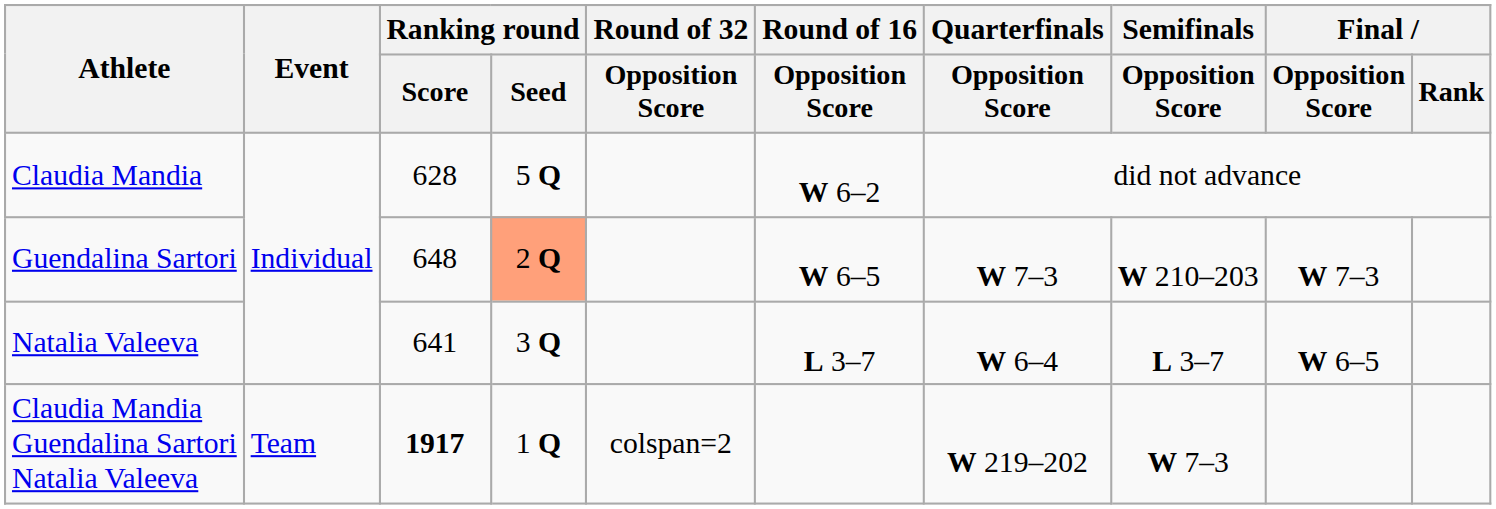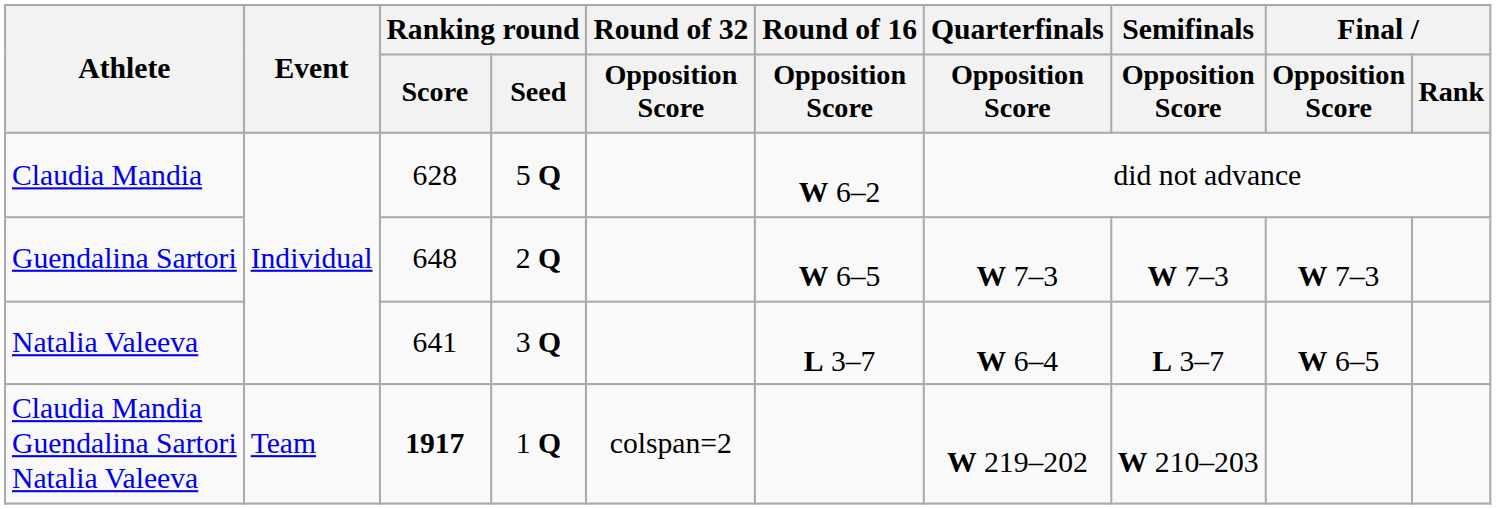 <table class="wikitable" style="font-size:90%">
 <tr>
 <th rowspan=2>Athlete</th>
 <th rowspan=2>Event</th>
 <th colspan=2>Ranking round</th>
 <th>Round of 32</th>
 <th>Round of 16</th>
 <th>Quarterfinals</th>
 <th>Semifinals</th>
 <th colspan=2>Final / </th>
 </tr>
 <tr style="font-size:95%">
 <th>Score</th>
 <th>Seed</th>
 <th>Opposition<br>Score</th>
 <th>Opposition<br>Score</th>
 <th>Opposition<br>Score</th>
 <th>Opposition<br>Score</th>
 <th>Opposition<br>Score</th>
 <th>Rank</th>
 </tr>
 <tr align=center>
 <td align=left><a href='#'>Claudia Mandia</a></td>
 <td align=left rowspan=3><a href='#'>Individual</a></td>
 <td>628</td>
 <td>5 <strong>Q</strong></td>
 <td></td>
 <td><br><strong>W</strong> 6–2</td>
 <td colspan=4>did not advance</td>
 </tr>
 <tr align=center>
 <td align=left><a href='#'>Guendalina Sartori</a></td>
 <td>648</td>
-<td style="background: lightsalmon;">2 <strong>Q</strong></td>
+<td>2 <strong>Q</strong></td>
 <td></td>
 <td><br><strong>W</strong> 6–5</td>
 <td><br><strong>W</strong> 7–3</td>
-<td><br><strong>W</strong> 210–203</td>
+<td><br><strong>W</strong> 7–3</td>
 <td><br><strong>W</strong> 7–3</td>
 <td></td>
 </tr>
 <tr align=center>
 <td align=left><a href='#'>Natalia Valeeva</a></td>
 <td>641</td>
 <td>3 <strong>Q</strong></td>
 <td></td>
 <td><br><strong>L</strong> 3–7</td>
 <td><br><strong>W</strong> 6–4</td>
 <td><br><strong>L</strong> 3–7</td>
 <td><br><strong>W</strong> 6–5</td>
 <td></td>
 </tr>
 <tr align=center>
 <td align=left><a href='#'>Claudia Mandia</a><br><a href='#'>Guendalina Sartori</a><br><a href='#'>Natalia Valeeva</a></td>
 <td align=left><a href='#'>Team</a></td>
 <td><strong>1917</strong></td>
 <td>1 <strong>Q</strong></td>
 <td>colspan=2 </td>
 <td></td>
 <td><br><strong>W</strong> 219–202</td>
-<td><br><strong>W</strong> 7–3</td>
+<td><br><strong>W</strong> 210–203</td>
 <td></td>
 </tr>
 </table>
